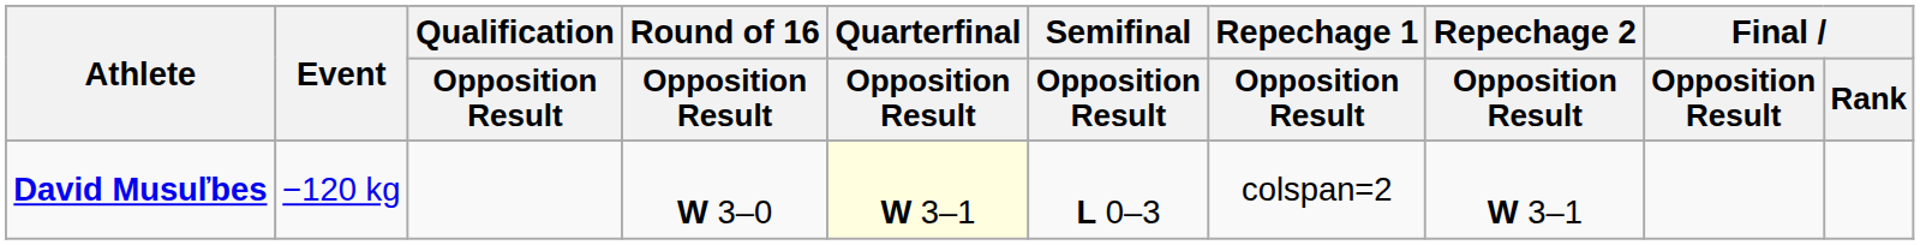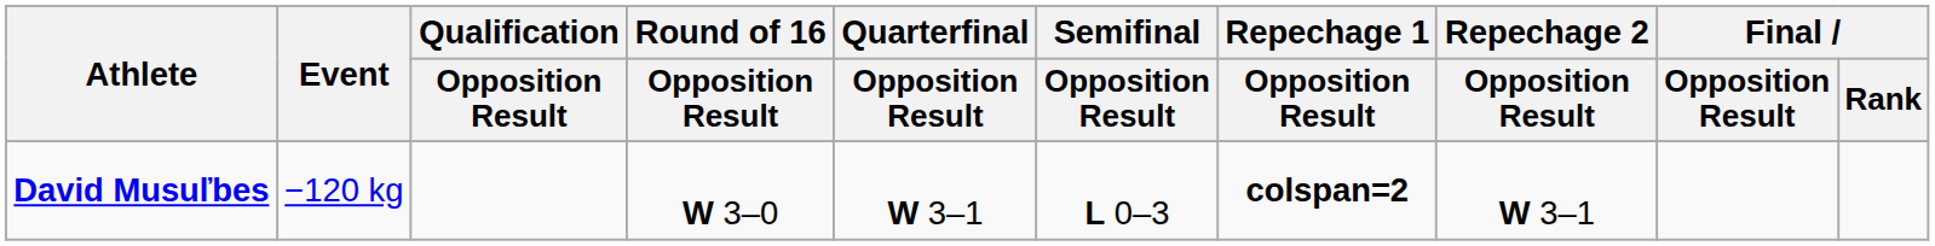 <table class="wikitable" style="font-size:90%">
 <tr>
 <th rowspan="2">Athlete</th>
 <th rowspan="2">Event</th>
 <th>Qualification</th>
 <th>Round of 16</th>
 <th>Quarterfinal</th>
 <th>Semifinal</th>
 <th>Repechage 1</th>
 <th>Repechage 2</th>
 <th colspan=2>Final / </th>
 </tr>
 <tr style="font-size: 95%">
 <th>Opposition<br>Result</th>
 <th>Opposition<br>Result</th>
 <th>Opposition<br>Result</th>
 <th>Opposition<br>Result</th>
 <th>Opposition<br>Result</th>
 <th>Opposition<br>Result</th>
 <th>Opposition<br>Result</th>
 <th>Rank</th>
 </tr>
 <tr align=center>
 <td align=left><strong><a href='#'>David Musuľbes</a></strong></td>
 <td align=left><a href='#'>−120 kg</a></td>
 <td></td>
 <td><br><strong>W</strong> 3–0 <sup></sup></td>
-<td style="background: lightyellow;"><br><strong>W</strong> 3–1 <sup></sup></td>
+<td><br><strong>W</strong> 3–1 <sup></sup></td>
 <td><br><strong>L</strong> 0–3 <sup></sup></td>
-<td>colspan=2 </td>
+<td><strong>colspan=2 </strong></td>
 <td><br><strong>W</strong> 3–1 <sup></sup></td>
 <td></td>
 </tr>
 </table>
